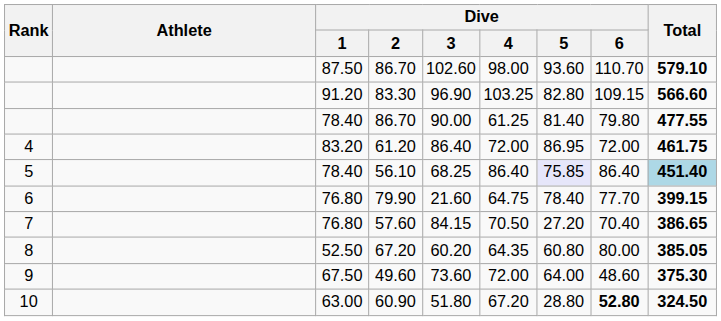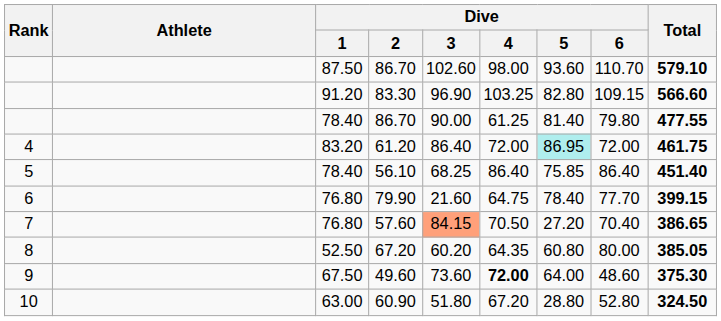 <table class=wikitable style="text-align:center">
 <tr>
 <th rowspan="2" width=40>Rank</th>
 <th rowspan="2" width=250>Athlete</th>
 <th colspan="6">Dive</th>
 <th rowspan="2" width=60>Total</th>
 </tr>
 <tr>
 <th width=45>1</th>
 <th width=45>2</th>
 <th width=45>3</th>
 <th width=45>4</th>
 <th width=45>5</th>
 <th width=45>6</th>
 </tr>
 <tr>
 <td></td>
 <td align=left></td>
 <td>87.50</td>
 <td>86.70</td>
 <td>102.60</td>
 <td>98.00</td>
 <td>93.60</td>
 <td>110.70</td>
 <td><strong>579.10</strong></td>
 </tr>
 <tr>
 <td></td>
 <td align=left></td>
 <td>91.20</td>
 <td>83.30</td>
 <td>96.90</td>
 <td>103.25</td>
 <td>82.80</td>
 <td>109.15</td>
 <td><strong>566.60</strong></td>
 </tr>
 <tr>
 <td></td>
 <td align=left></td>
 <td>78.40</td>
 <td>86.70</td>
 <td>90.00</td>
 <td>61.25</td>
 <td>81.40</td>
 <td>79.80</td>
 <td><strong>477.55</strong></td>
 </tr>
 <tr>
 <td>4</td>
 <td align=left></td>
 <td>83.20</td>
 <td>61.20</td>
 <td>86.40</td>
 <td>72.00</td>
-<td>86.95</td>
+<td style="background: paleturquoise;">86.95</td>
 <td>72.00</td>
 <td><strong>461.75</strong></td>
 </tr>
 <tr>
 <td>5</td>
 <td align=left></td>
 <td>78.40</td>
 <td>56.10</td>
 <td>68.25</td>
 <td>86.40</td>
-<td style="background: lavender;">75.85</td>
+<td>75.85</td>
 <td>86.40</td>
-<td style="background: lightblue;"><strong>451.40</strong></td>
+<td><strong>451.40</strong></td>
 </tr>
 <tr>
 <td>6</td>
 <td align=left></td>
 <td>76.80</td>
 <td>79.90</td>
 <td>21.60</td>
 <td>64.75</td>
 <td>78.40</td>
 <td>77.70</td>
 <td><strong>399.15</strong></td>
 </tr>
 <tr>
 <td>7</td>
 <td align=left></td>
 <td>76.80</td>
 <td>57.60</td>
-<td>84.15</td>
+<td style="background: lightsalmon;">84.15</td>
 <td>70.50</td>
 <td>27.20</td>
 <td>70.40</td>
 <td><strong>386.65</strong></td>
 </tr>
 <tr>
 <td>8</td>
 <td align=left></td>
 <td>52.50</td>
 <td>67.20</td>
 <td>60.20</td>
 <td>64.35</td>
 <td>60.80</td>
 <td>80.00</td>
 <td><strong>385.05</strong></td>
 </tr>
 <tr>
 <td>9</td>
 <td align=left></td>
 <td>67.50</td>
 <td>49.60</td>
 <td>73.60</td>
-<td>72.00</td>
+<td><strong>72.00</strong></td>
 <td>64.00</td>
 <td>48.60</td>
 <td><strong>375.30</strong></td>
 </tr>
 <tr>
 <td>10</td>
 <td align=left></td>
 <td>63.00</td>
 <td>60.90</td>
 <td>51.80</td>
 <td>67.20</td>
 <td>28.80</td>
-<td><strong>52.80</strong></td>
+<td>52.80</td>
 <td><strong>324.50</strong></td>
 </tr>
 </table>
